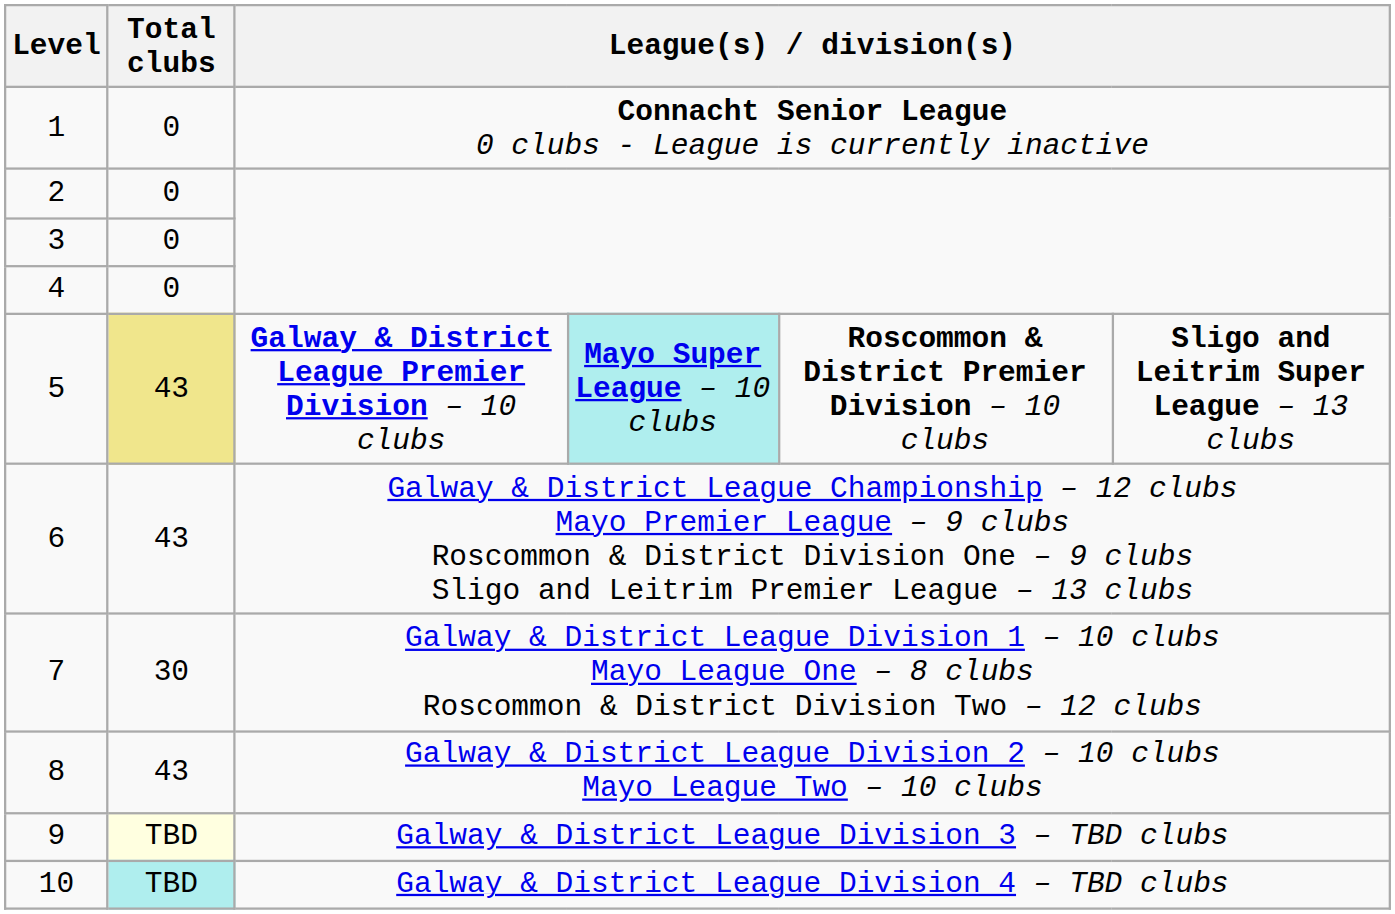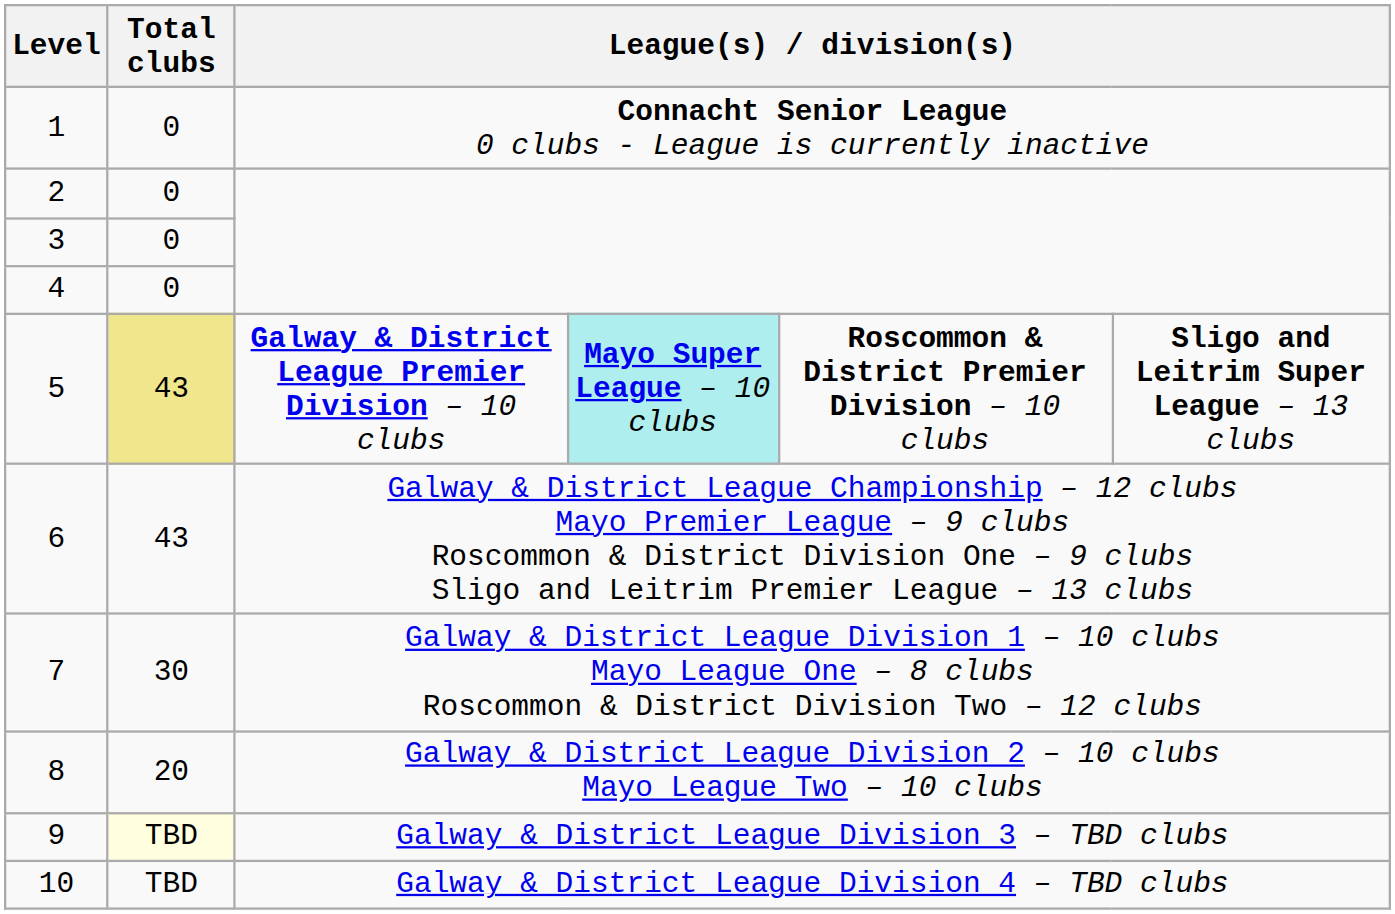 <table class="wikitable" style="text-align: center;">
 <tr>
 <th colspan="1">Level</th>
 <th>Total clubs</th>
 <th colspan="4">League(s) / division(s)</th>
 </tr>
 <tr>
 <td colspan="1" width="4%">1</td>
 <td>0</td>
 <td colspan="4" width="24%"><strong>Connacht Senior League</strong><br><em>0 clubs - League is currently inactive</em></td>
 </tr>
 <tr>
 <td>2</td>
 <td>0</td>
 <td colspan="4" rowspan="3"></td>
 </tr>
 <tr>
 <td>3</td>
 <td>0</td>
 </tr>
 <tr>
 <td>4</td>
 <td>0</td>
 </tr>
 <tr>
 <td>5</td>
 <td style="background: khaki;">43</td>
 <td width="24%"><strong><a href='#'>Galway & District League Premier Division</a></strong> <em>– 10 clubs</em></td>
 <td style="background: paleturquoise;"><strong><a href='#'>Mayo Super League</a></strong> <em>– 10 clubs</em></td>
 <td><strong>Roscommon & District Premier Division</strong> <em>– 10 clubs</em></td>
 <td><strong>Sligo and Leitrim Super League</strong> <em>– 13 clubs</em></td>
 </tr>
 <tr>
 <td>6</td>
 <td>43</td>
 <td colspan="4"><a href='#'>Galway & District League Championship</a> <em>– 12 clubs</em><br><a href='#'>Mayo Premier League</a> <em>– 9 clubs</em><br> Roscommon & District Division One <em>– 9 clubs</em><br> Sligo and Leitrim Premier League <em>– 13 clubs</em></td>
 </tr>
 <tr>
 <td>7</td>
 <td>30</td>
 <td colspan="4"><a href='#'>Galway & District League Division 1</a> <em>– 10 clubs</em><br><a href='#'>Mayo League One</a> <em>– 8 clubs</em><br> Roscommon & District Division Two <em>– 12 clubs</em></td>
 </tr>
 <tr>
 <td>8</td>
-<td>43</td>
+<td>20</td>
 <td colspan="4"><a href='#'>Galway & District League Division 2</a> <em>– 10 clubs</em><br><a href='#'>Mayo League Two</a> <em>– 10 clubs</em></td>
 </tr>
 <tr>
 <td>9</td>
 <td style="background: lightyellow;">TBD</td>
 <td colspan="4"><a href='#'>Galway & District League Division 3</a> <em>– TBD clubs</em></td>
 </tr>
 <tr>
 <td>10</td>
-<td style="background: paleturquoise;">TBD</td>
+<td>TBD</td>
 <td colspan="4"><a href='#'>Galway & District League Division 4</a> <em>– TBD clubs</em></td>
 </tr>
 </table>
